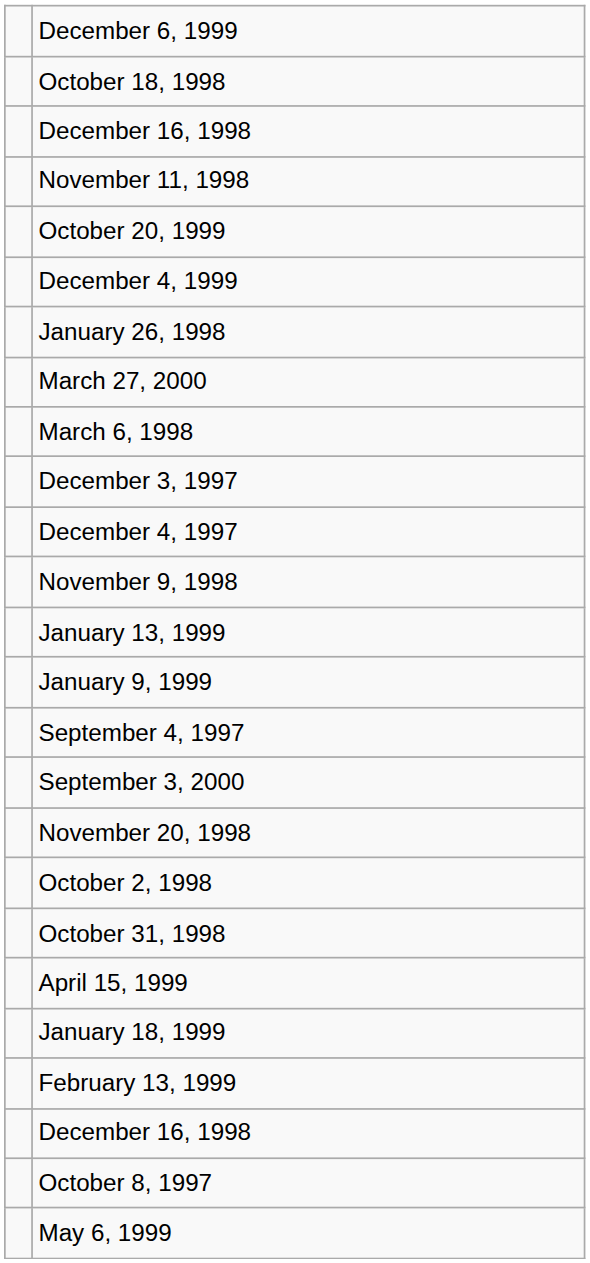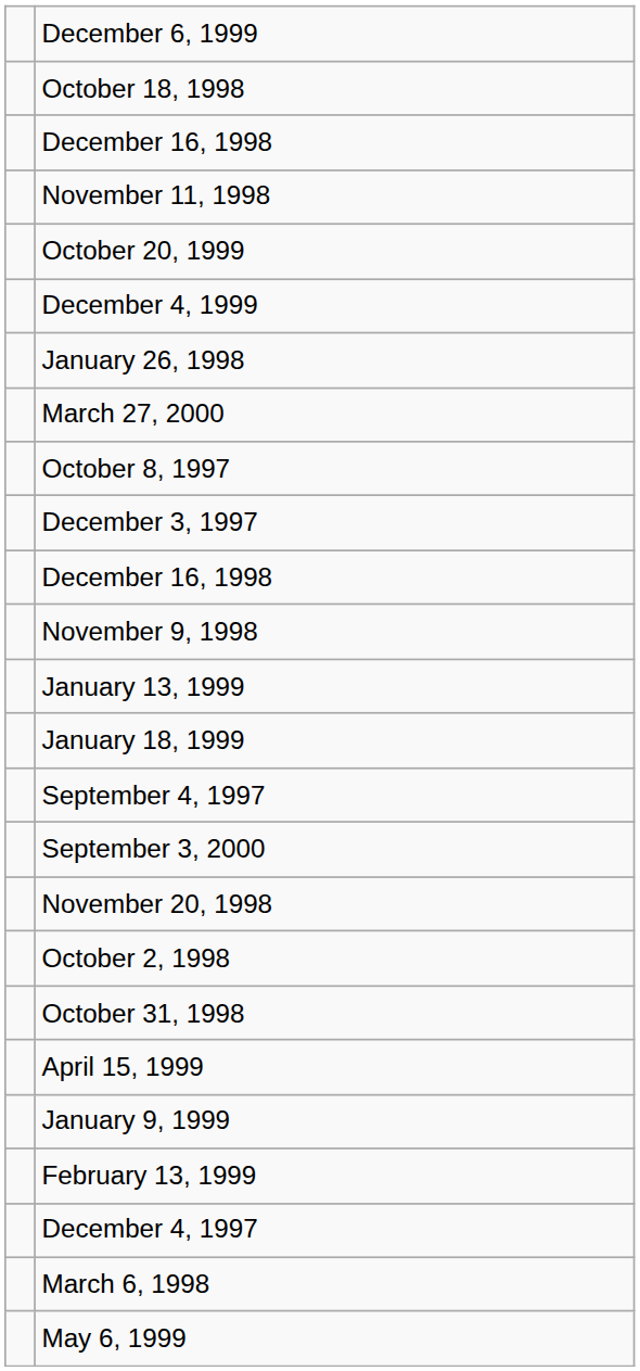 <table class="wikitable" style="font-size: 89%; float: left; width: 24em; margin-right: 1em; line-height: 1.6em !important; height: 625px;">
 <tr>
 <td></td>
 <td>December 6, 1999</td>
 </tr>
 <tr>
 <td></td>
 <td>October 18, 1998</td>
 </tr>
 <tr>
 <td></td>
 <td>December 16, 1998</td>
 </tr>
 <tr>
 <td></td>
 <td>November 11, 1998</td>
 </tr>
 <tr>
 <td></td>
 <td>October 20, 1999</td>
 </tr>
 <tr>
 <td></td>
 <td>December 4, 1999</td>
 </tr>
 <tr>
 <td></td>
 <td>January 26, 1998</td>
 </tr>
 <tr>
 <td></td>
 <td>March 27, 2000</td>
 </tr>
 <tr>
 <td></td>
-<td>March 6, 1998</td>
+<td>October 8, 1997</td>
 </tr>
 <tr>
 <td></td>
 <td>December 3, 1997</td>
 </tr>
 <tr>
 <td></td>
-<td>December 4, 1997</td>
+<td>December 16, 1998</td>
 </tr>
 <tr>
 <td></td>
 <td>November 9, 1998</td>
 </tr>
 <tr>
 <td></td>
 <td>January 13, 1999</td>
 </tr>
 <tr>
 <td></td>
-<td>January 9, 1999</td>
+<td>January 18, 1999</td>
 </tr>
 <tr>
 <td></td>
 <td>September 4, 1997</td>
 </tr>
 <tr>
 <td></td>
 <td>September 3, 2000</td>
 </tr>
 <tr>
 <td></td>
 <td>November 20, 1998</td>
 </tr>
 <tr>
 <td></td>
 <td>October 2, 1998</td>
 </tr>
 <tr>
 <td></td>
 <td>October 31, 1998</td>
 </tr>
 <tr>
 <td></td>
 <td>April 15, 1999</td>
 </tr>
 <tr>
 <td></td>
-<td>January 18, 1999</td>
+<td>January 9, 1999</td>
 </tr>
 <tr>
 <td></td>
 <td>February 13, 1999</td>
 </tr>
 <tr>
 <td></td>
-<td>December 16, 1998</td>
+<td>December 4, 1997</td>
 </tr>
 <tr>
 <td></td>
-<td>October 8, 1997</td>
+<td>March 6, 1998</td>
 </tr>
 <tr>
 <td></td>
 <td>May 6, 1999</td>
 </tr>
 </table>
